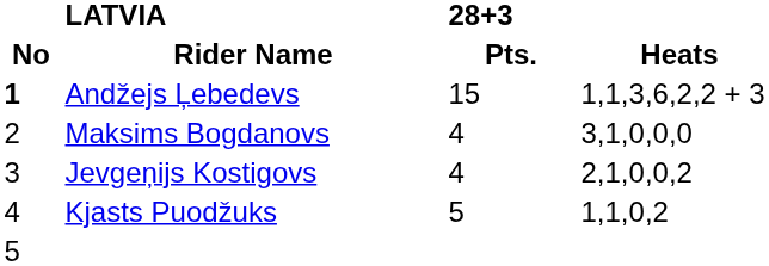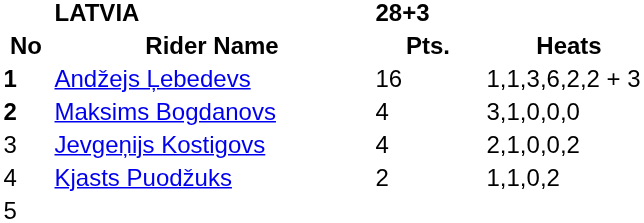 <table class="toccolours">
 <tr>
 <td></td>
 <td><strong>LATVIA</strong></td>
 <td><strong>28+3</strong></td>
 </tr>
 <tr style="background-color:">
 <th width=30px>No</th>
 <th width=210px>Rider Name</th>
 <th width=70px>Pts.</th>
 <th width=110px>Heats</th>
 </tr>
 <tr style="background-color:">
 <td><strong>1</strong></td>
 <td><a href='#'>Andžejs Ļebedevs</a></td>
-<td>15</td>
+<td>16</td>
 <td>1,1,3,6,2,2 + 3</td>
 </tr>
 <tr style="background-color:">
-<td>2</td>
+<td><strong>2</strong></td>
 <td><a href='#'>Maksims Bogdanovs</a></td>
 <td>4</td>
 <td>3,1,0,0,0</td>
 </tr>
 <tr style="background-color:">
 <td>3</td>
 <td><a href='#'>Jevgeņijs Kostigovs</a></td>
 <td>4</td>
 <td>2,1,0,0,2</td>
 </tr>
 <tr style="background-color:">
 <td>4</td>
 <td><a href='#'>Kjasts Puodžuks</a></td>
-<td>5</td>
+<td>2</td>
 <td>1,1,0,2</td>
 </tr>
 <tr style="background-color:">
 <td>5</td>
 <td></td>
 <td></td>
 <td></td>
 </tr>
 </table>
